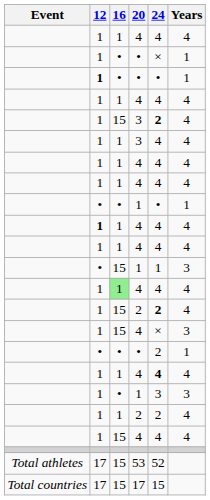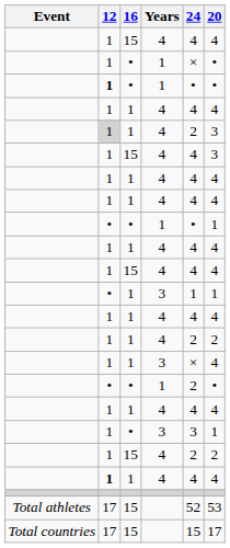 <table class="wikitable" style="text-align:center">
 <tr>
 <th>Event</th>
 <th><a href='#'>12</a></th>
 <th><a href='#'>16</a></th>
+<th>Years</th>
+<th><a href='#'>24</a></th>
 <th><a href='#'>20</a></th>
-<th><a href='#'>24</a></th>
-<th>Years</th>
+</tr>
+<tr>
+<td align=left></td>
+<td>1</td>
+<td>15</td>
+<td>4</td>
+<td>4</td>
+<td>4</td>
+</tr>
+<tr>
+<td align=left></td>
+<td>1</td>
+<td>•</td>
+<td>1</td>
+<td>×</td>
+<td>•</td>
+</tr>
+<tr>
+<td align=left></td>
+<td><strong>1</strong></td>
+<td>•</td>
+<td>1</td>
+<td>•</td>
+<td>•</td>
 </tr>
 <tr>
 <td align=left></td>
 <td>1</td>
 <td>1</td>
 <td>4</td>
 <td>4</td>
 <td>4</td>
 </tr>
 <tr>
 <td align=left></td>
-<td>1</td>
-<td>•</td>
-<td>•</td>
-<td>×</td>
-<td>1</td>
-</tr>
-<tr>
-<td align=left></td>
-<td><strong>1</strong></td>
-<td>•</td>
-<td>•</td>
-<td>•</td>
-<td>1</td>
-</tr>
-<tr>
-<td align=left></td>
-<td>1</td>
+<td style="background: lightgrey;">1</td>
 <td>1</td>
 <td>4</td>
-<td>4</td>
-<td>4</td>
+<td>2</td>
+<td>3</td>
 </tr>
 <tr>
 <td align=left></td>
 <td>1</td>
 <td>15</td>
-<td>3</td>
-<td><strong>2</strong></td>
-<td>4</td>
-</tr>
-<tr>
-<td align=left></td>
-<td>1</td>
-<td>1</td>
-<td>3</td>
 <td>4</td>
 <td>4</td>
+<td>3</td>
 </tr>
 <tr>
 <td align=left></td>
 <td>1</td>
 <td>1</td>
 <td>4</td>
 <td>4</td>
 <td>4</td>
 </tr>
 <tr>
 <td align=left></td>
 <td>1</td>
 <td>1</td>
 <td>4</td>
 <td>4</td>
 <td>4</td>
 </tr>
 <tr>
 <td align=left></td>
 <td>•</td>
 <td>•</td>
 <td>1</td>
 <td>•</td>
 <td>1</td>
 </tr>
 <tr>
 <td align=left></td>
-<td><strong>1</strong></td>
+<td>1</td>
 <td>1</td>
 <td>4</td>
 <td>4</td>
 <td>4</td>
+</tr>
+<tr>
+<td align=left></td>
+<td>1</td>
+<td>15</td>
+<td>4</td>
+<td>4</td>
+<td>4</td>
+</tr>
+<tr>
+<td align=left></td>
+<td>•</td>
+<td>1</td>
+<td>3</td>
+<td>1</td>
+<td>1</td>
 </tr>
 <tr>
 <td align=left></td>
 <td>1</td>
 <td>1</td>
 <td>4</td>
 <td>4</td>
 <td>4</td>
 </tr>
 <tr>
 <td align=left></td>
-<td>•</td>
-<td>15</td>
 <td>1</td>
 <td>1</td>
-<td>3</td>
+<td>4</td>
+<td>2</td>
+<td>2</td>
 </tr>
 <tr>
 <td align=left></td>
 <td>1</td>
-<td style="background: lightgreen;">1</td>
+<td>1</td>
+<td>3</td>
+<td>×</td>
+<td>4</td>
+</tr>
+<tr>
+<td align=left></td>
+<td>•</td>
+<td>•</td>
+<td>1</td>
+<td>2</td>
+<td>•</td>
+</tr>
+<tr>
+<td align=left></td>
+<td>1</td>
+<td>1</td>
 <td>4</td>
 <td>4</td>
 <td>4</td>
 </tr>
 <tr>
 <td align=left></td>
 <td>1</td>
-<td>15</td>
-<td>2</td>
-<td><strong>2</strong></td>
-<td>4</td>
+<td>•</td>
+<td>3</td>
+<td>3</td>
+<td>1</td>
 </tr>
 <tr>
 <td align=left></td>
 <td>1</td>
 <td>15</td>
 <td>4</td>
-<td>×</td>
-<td>3</td>
+<td>2</td>
+<td>2</td>
 </tr>
 <tr>
 <td align=left></td>
-<td>•</td>
-<td>•</td>
-<td>•</td>
-<td>2</td>
+<td><strong>1</strong></td>
 <td>1</td>
-</tr>
-<tr>
-<td align=left></td>
-<td>1</td>
-<td>1</td>
-<td>4</td>
-<td><strong>4</strong></td>
-<td>4</td>
-</tr>
-<tr>
-<td align=left></td>
-<td>1</td>
-<td>•</td>
-<td>1</td>
-<td>3</td>
-<td>3</td>
-</tr>
-<tr>
-<td align=left></td>
-<td>1</td>
-<td>1</td>
-<td>2</td>
-<td>2</td>
-<td>4</td>
-</tr>
-<tr>
-<td align=left></td>
-<td>1</td>
-<td>15</td>
 <td>4</td>
 <td>4</td>
 <td>4</td>
 </tr>
 <tr bgcolor=lightgray>
 <td></td>
 <td></td>
 <td></td>
 <td></td>
 <td></td>
 <td></td>
 </tr>
 <tr align=center>
 <td><em>Total athletes</em></td>
 <td>17</td>
 <td>15</td>
+<td></td>
+<td>52</td>
 <td>53</td>
-<td>52</td>
-<td></td>
 </tr>
 <tr align=center>
 <td><em>Total countries</em></td>
 <td>17</td>
 <td>15</td>
+<td></td>
+<td>15</td>
 <td>17</td>
-<td>15</td>
-<td></td>
 </tr>
 </table>
